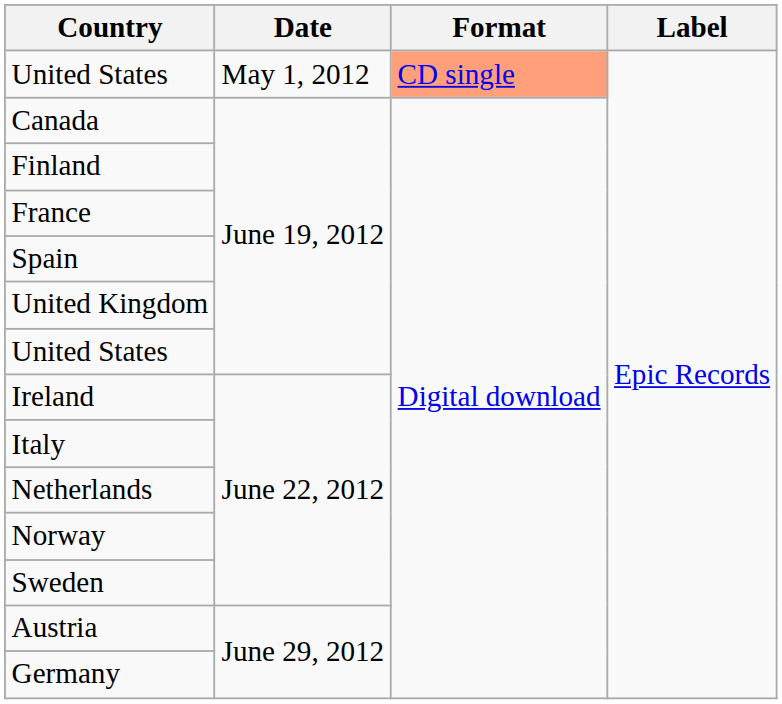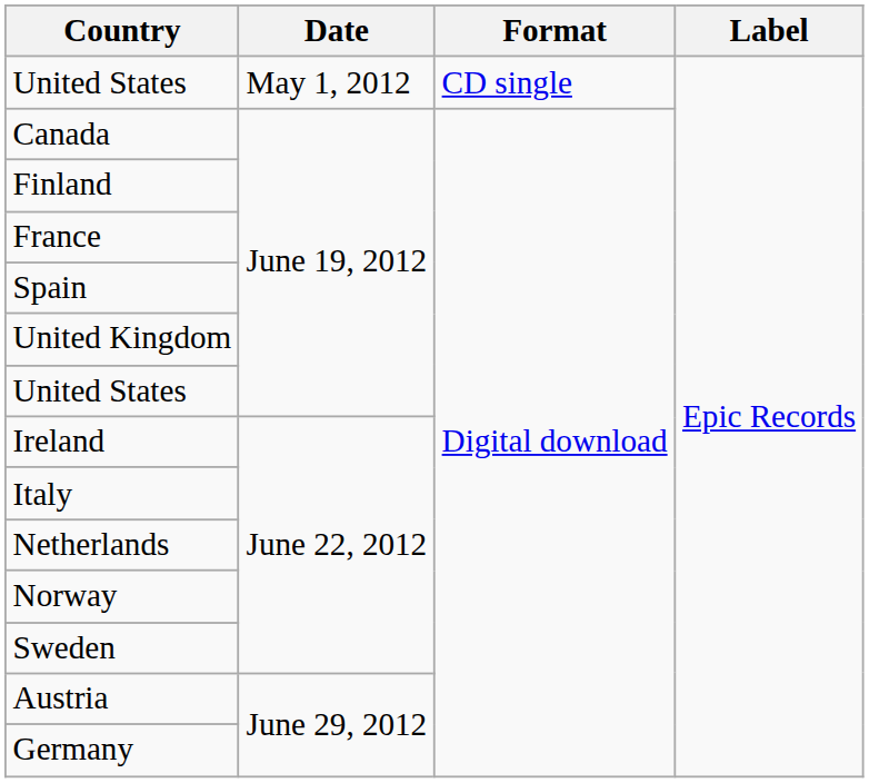 <table class="wikitable plainrowheaders">
 <tr>
 <th scope="col">Country</th>
 <th scope="col">Date</th>
 <th scope="col">Format</th>
 <th scope="col">Label</th>
 </tr>
 <tr>
 <td>United States</td>
 <td>May 1, 2012</td>
-<td style="background: lightsalmon;"><a href='#'>CD single</a></td>
+<td><a href='#'>CD single</a></td>
 <td rowspan="14"><a href='#'>Epic Records</a></td>
 </tr>
 <tr>
 <td>Canada</td>
 <td rowspan="6">June 19, 2012</td>
 <td rowspan="13"><a href='#'>Digital download</a></td>
 </tr>
 <tr>
 <td>Finland</td>
 </tr>
 <tr>
 <td>France</td>
 </tr>
 <tr>
 <td>Spain</td>
 </tr>
 <tr>
 <td>United Kingdom</td>
 </tr>
 <tr>
 <td>United States</td>
 </tr>
 <tr>
 <td>Ireland</td>
 <td rowspan="5">June 22, 2012</td>
 </tr>
 <tr>
 <td>Italy</td>
 </tr>
 <tr>
 <td>Netherlands</td>
 </tr>
 <tr>
 <td>Norway</td>
 </tr>
 <tr>
 <td>Sweden</td>
 </tr>
 <tr>
 <td>Austria</td>
 <td rowspan="2">June 29, 2012</td>
 </tr>
 <tr>
 <td>Germany</td>
 </tr>
 </table>
